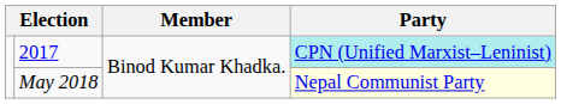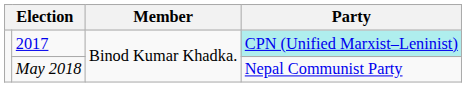 <table class="wikitable">
 <tr>
 <th colspan="2">Election</th>
 <th>Member</th>
 <th>Party</th>
 </tr>
 <tr>
 <td rowspan="2" style="background-color:"></td>
 <td><a href='#'>2017</a></td>
 <td rowspan="2">Binod Kumar Khadka.</td>
 <td style="background: paleturquoise;"><a href='#'>CPN (Unified Marxist–Leninist)</a></td>
 </tr>
 <tr>
 <td><em>May 2018</em></td>
-<td style="background: lightyellow;"><a href='#'>Nepal Communist Party</a></td>
+<td><a href='#'>Nepal Communist Party</a></td>
 </tr>
 </table>
